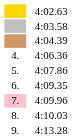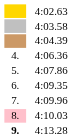 <table style="text-align:center">
 <tr>
 <td width=30 bgcolor=gold></td>
 <td align=left></td>
 <td width=60>4:02.63</td>
 </tr>
 <tr>
 <td bgcolor=silver></td>
 <td align=left></td>
 <td>4:03.58</td>
 </tr>
 <tr>
 <td bgcolor=cc9966></td>
 <td align=left></td>
 <td>4:04.39</td>
 </tr>
 <tr>
 <td>4.</td>
 <td align=left></td>
 <td>4:06.36</td>
 </tr>
 <tr>
 <td>5.</td>
 <td align=left></td>
 <td>4:07.86</td>
 </tr>
 <tr>
 <td>6.</td>
 <td align=left></td>
 <td>4:09.35</td>
 </tr>
 <tr>
-<td style="background: pink;">7.</td>
+<td>7.</td>
 <td align=left></td>
 <td>4:09.96</td>
 </tr>
 <tr>
-<td>8.</td>
+<td style="background: pink;">8.</td>
 <td align=left></td>
 <td>4:10.03</td>
 </tr>
 <tr>
-<td>9.</td>
+<td><strong>9.</strong></td>
 <td align=left></td>
 <td>4:13.28</td>
 </tr>
 </table>
